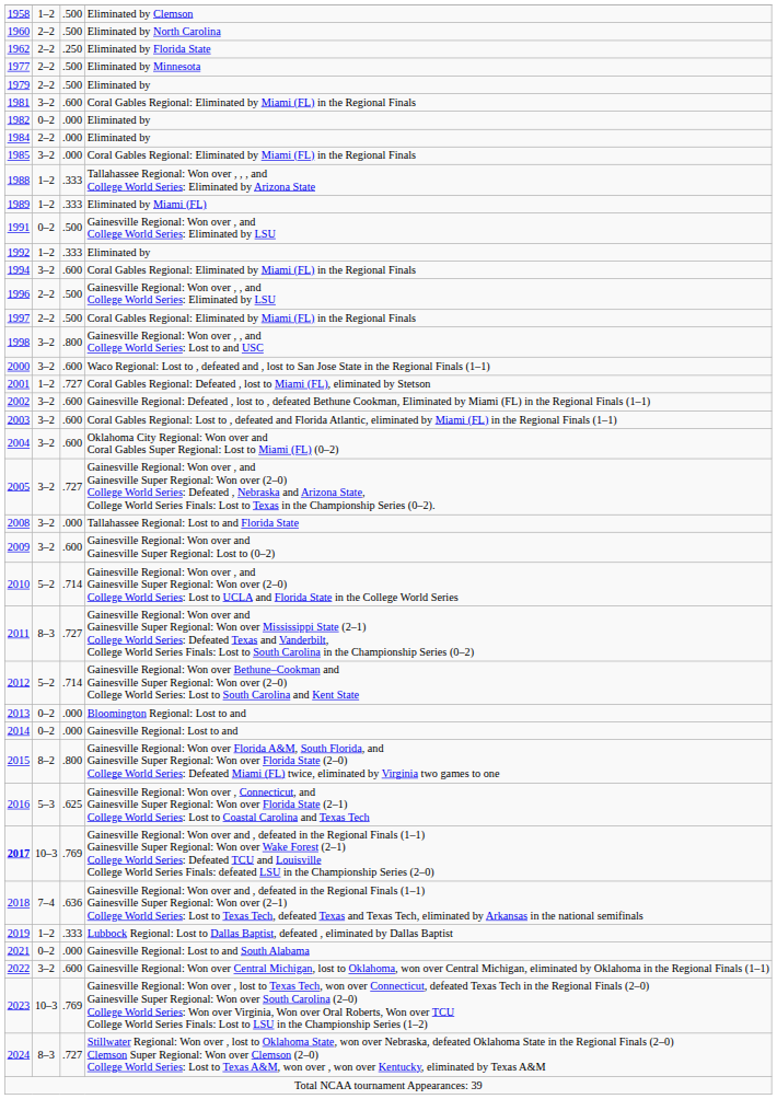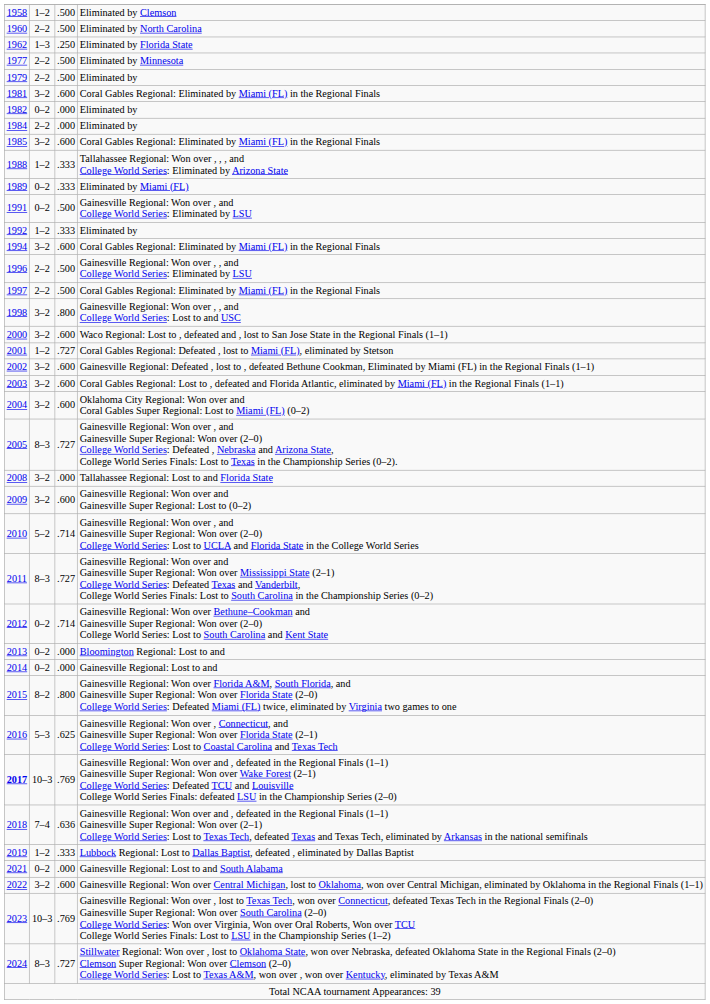 <table class="wikitable" style="text-align:center">
 <tr>
 </tr>
 <tr>
 <td><a href='#'>1958</a></td>
 <td>1–2</td>
 <td>.500</td>
 <td style="text-align:left;">Eliminated by <a href='#'>Clemson</a></td>
 </tr>
 <tr>
 <td><a href='#'>1960</a></td>
 <td>2–2</td>
 <td>.500</td>
 <td style="text-align:left;">Eliminated by <a href='#'>North Carolina</a></td>
 </tr>
 <tr>
 <td><a href='#'>1962</a></td>
-<td>2–2</td>
+<td>1–3</td>
 <td>.250</td>
 <td style="text-align:left;">Eliminated by <a href='#'>Florida State</a></td>
 </tr>
 <tr>
 <td><a href='#'>1977</a></td>
 <td>2–2</td>
 <td>.500</td>
 <td style="text-align:left;">Eliminated by <a href='#'>Minnesota</a></td>
 </tr>
 <tr>
 <td><a href='#'>1979</a></td>
 <td>2–2</td>
 <td>.500</td>
 <td style="text-align:left;">Eliminated by </td>
 </tr>
 <tr>
 <td><a href='#'>1981</a></td>
 <td>3–2</td>
 <td>.600</td>
 <td style="text-align:left;">Coral Gables Regional: Eliminated by <a href='#'>Miami (FL)</a> in the Regional Finals</td>
 </tr>
 <tr>
 <td><a href='#'>1982</a></td>
 <td>0–2</td>
 <td>.000</td>
 <td style="text-align:left;">Eliminated by </td>
 </tr>
 <tr>
 <td><a href='#'>1984</a></td>
 <td>2–2</td>
 <td>.000</td>
 <td style="text-align:left;">Eliminated by </td>
 </tr>
 <tr>
 <td><a href='#'>1985</a></td>
 <td>3–2</td>
-<td>.000</td>
+<td>.600</td>
 <td style="text-align:left;">Coral Gables Regional: Eliminated by <a href='#'>Miami (FL)</a> in the Regional Finals</td>
 </tr>
 <tr>
 <td><a href='#'>1988</a></td>
 <td>1–2</td>
 <td>.333</td>
 <td style="text-align:left;">Tallahassee Regional: Won over , , , and <br><a href='#'>College World Series</a>: Eliminated by <a href='#'>Arizona State</a></td>
 </tr>
 <tr>
 <td><a href='#'>1989</a></td>
-<td>1–2</td>
+<td>0–2</td>
 <td>.333</td>
 <td style="text-align:left;">Eliminated by <a href='#'>Miami (FL)</a></td>
 </tr>
 <tr>
 <td><a href='#'>1991</a></td>
 <td>0–2</td>
 <td>.500</td>
 <td style="text-align:left;">Gainesville Regional: Won over ,  and <br><a href='#'>College World Series</a>: Eliminated by <a href='#'>LSU</a></td>
 </tr>
 <tr>
 <td><a href='#'>1992</a></td>
 <td>1–2</td>
 <td>.333</td>
 <td style="text-align:left;">Eliminated by </td>
 </tr>
 <tr>
 <td><a href='#'>1994</a></td>
 <td>3–2</td>
 <td>.600</td>
 <td style="text-align:left;">Coral Gables Regional: Eliminated by <a href='#'>Miami (FL)</a> in the Regional Finals</td>
 </tr>
 <tr>
 <td><a href='#'>1996</a></td>
 <td>2–2</td>
 <td>.500</td>
 <td style="text-align:left;">Gainesville Regional: Won over , ,  and <br><a href='#'>College World Series</a>: Eliminated by <a href='#'>LSU</a></td>
 </tr>
 <tr>
 <td><a href='#'>1997</a></td>
 <td>2–2</td>
 <td>.500</td>
 <td style="text-align:left;">Coral Gables Regional: Eliminated by <a href='#'>Miami (FL)</a>  in the Regional Finals</td>
 </tr>
 <tr>
 <td><a href='#'>1998</a></td>
 <td>3–2</td>
 <td>.800</td>
 <td style="text-align:left;">Gainesville Regional: Won over , ,  and <br><a href='#'>College World Series</a>: Lost to  and <a href='#'>USC</a></td>
 </tr>
 <tr>
 <td><a href='#'>2000</a></td>
 <td>3–2</td>
 <td>.600</td>
 <td style="text-align:left;">Waco Regional: Lost to , defeated  and , lost to San Jose State in the Regional Finals (1–1)</td>
 </tr>
 <tr>
 <td><a href='#'>2001</a></td>
 <td>1–2</td>
 <td>.727</td>
 <td style="text-align:left;">Coral Gables Regional: Defeated , lost to <a href='#'>Miami (FL)</a>, eliminated by Stetson</td>
 </tr>
 <tr>
 <td><a href='#'>2002</a></td>
 <td>3–2</td>
 <td>.600</td>
 <td style="text-align:left;">Gainesville Regional: Defeated , lost to , defeated Bethune Cookman, Eliminated by Miami (FL) in the Regional Finals (1–1)</td>
 </tr>
 <tr>
 <td><a href='#'>2003</a></td>
 <td>3–2</td>
 <td>.600</td>
 <td style="text-align:left;">Coral Gables Regional: Lost to , defeated  and Florida Atlantic, eliminated by <a href='#'>Miami (FL)</a> in the Regional Finals (1–1)</td>
 </tr>
 <tr>
 <td><a href='#'>2004</a></td>
 <td>3–2</td>
 <td>.600</td>
 <td style="text-align:left;">Oklahoma City Regional: Won over  and <br>Coral Gables Super Regional: Lost to <a href='#'>Miami (FL)</a> (0–2)</td>
 </tr>
 <tr>
 <td><a href='#'>2005</a></td>
-<td>3–2</td>
+<td>8–3</td>
 <td>.727</td>
 <td style="text-align:left;">Gainesville Regional: Won over ,  and <br>Gainesville Super Regional: Won over  (2–0)<br><a href='#'>College World Series</a>: Defeated , <a href='#'>Nebraska</a> and <a href='#'>Arizona State</a>,<br>College World Series Finals: Lost to <a href='#'>Texas</a> in the Championship Series (0–2).</td>
 </tr>
 <tr>
 <td><a href='#'>2008</a></td>
 <td>3–2</td>
 <td>.000</td>
 <td style="text-align:left;">Tallahassee Regional: Lost to  and <a href='#'>Florida State</a></td>
 </tr>
 <tr>
 <td><a href='#'>2009</a></td>
 <td>3–2</td>
 <td>.600</td>
 <td style="text-align:left;">Gainesville Regional: Won over  and <br>Gainesville Super Regional: Lost to  (0–2)</td>
 </tr>
 <tr>
 <td><a href='#'>2010</a></td>
 <td>5–2</td>
 <td>.714</td>
 <td style="text-align:left;">Gainesville Regional: Won over ,  and <br>Gainesville Super Regional: Won over  (2–0)<br><a href='#'>College World Series</a>: Lost to <a href='#'>UCLA</a> and <a href='#'>Florida State</a> in the College World Series</td>
 </tr>
 <tr>
 <td><a href='#'>2011</a></td>
 <td>8–3</td>
 <td>.727</td>
 <td style="text-align:left;">Gainesville Regional: Won over  and <br>Gainesville Super Regional: Won over <a href='#'>Mississippi State</a> (2–1)<br><a href='#'>College World Series</a>: Defeated <a href='#'>Texas</a> and <a href='#'>Vanderbilt</a>,<br>College World Series Finals: Lost to <a href='#'>South Carolina</a> in the Championship Series (0–2)</td>
 </tr>
 <tr>
 <td><a href='#'>2012</a></td>
-<td>5–2</td>
+<td>0–2</td>
 <td>.714</td>
 <td style="text-align:left;">Gainesville Regional: Won over <a href='#'>Bethune–Cookman</a> and <br>Gainesville Super Regional: Won over  (2–0)<br>College World Series: Lost to <a href='#'>South Carolina</a> and <a href='#'>Kent State</a></td>
 </tr>
 <tr>
 <td><a href='#'>2013</a></td>
 <td>0–2</td>
 <td>.000</td>
 <td style="text-align:left;"><a href='#'>Bloomington</a> Regional: Lost to  and </td>
 </tr>
 <tr>
 <td><a href='#'>2014</a></td>
 <td>0–2</td>
 <td>.000</td>
 <td style="text-align:left;">Gainesville Regional: Lost to  and </td>
 </tr>
 <tr>
 <td><a href='#'>2015</a></td>
 <td>8–2</td>
 <td>.800</td>
 <td style="text-align:left;">Gainesville Regional: Won over <a href='#'>Florida A&M</a>, <a href='#'>South Florida</a>, and <br>Gainesville Super Regional: Won over <a href='#'>Florida State</a> (2–0)<br><a href='#'>College World Series</a>: Defeated <a href='#'>Miami (FL)</a> twice, eliminated by <a href='#'>Virginia</a> two games to one</td>
 </tr>
 <tr>
 <td><a href='#'>2016</a></td>
 <td>5–3</td>
 <td>.625</td>
 <td style="text-align:left;">Gainesville Regional: Won over , <a href='#'>Connecticut</a>, and <br>Gainesville Super Regional: Won over <a href='#'>Florida State</a> (2–1) <br> <a href='#'>College World Series</a>: Lost to <a href='#'>Coastal Carolina</a> and <a href='#'>Texas Tech</a></td>
 </tr>
 <tr>
 <td><strong><a href='#'>2017</a></strong></td>
 <td>10–3</td>
 <td>.769</td>
 <td style="text-align:left;">Gainesville Regional: Won over  and , defeated  in the Regional Finals (1–1)<br>Gainesville Super Regional: Won over <a href='#'>Wake Forest</a> (2–1)<br><a href='#'>College World Series</a>: Defeated <a href='#'>TCU</a> and <a href='#'>Louisville</a><br>College World Series Finals: defeated <a href='#'>LSU</a> in the Championship Series (2–0)</td>
 </tr>
 <tr>
 <td><a href='#'>2018</a></td>
 <td>7–4</td>
 <td>.636</td>
 <td style="text-align:left;">Gainesville Regional: Won over  and , defeated  in the Regional Finals (1–1)<br>Gainesville Super Regional: Won over  (2–1)<br><a href='#'>College World Series</a>: Lost to <a href='#'>Texas Tech</a>, defeated <a href='#'>Texas</a> and Texas Tech, eliminated by <a href='#'>Arkansas</a> in the national semifinals</td>
 </tr>
 <tr>
 <td><a href='#'>2019</a></td>
 <td>1–2</td>
 <td>.333</td>
 <td style="text-align:left;"><a href='#'>Lubbock</a> Regional: Lost to <a href='#'>Dallas Baptist</a>, defeated , eliminated by Dallas Baptist</td>
 </tr>
 <tr>
 <td><a href='#'>2021</a></td>
 <td>0–2</td>
 <td>.000</td>
 <td style="text-align:left;">Gainesville Regional: Lost to  and <a href='#'>South Alabama</a></td>
 </tr>
 <tr>
 <td><a href='#'>2022</a></td>
 <td>3–2</td>
 <td>.600</td>
 <td style="text-align:left;">Gainesville Regional: Won over <a href='#'>Central Michigan</a>, lost to <a href='#'>Oklahoma</a>, won over Central Michigan, eliminated by Oklahoma in the Regional Finals (1–1)</td>
 </tr>
 <tr>
 <td><a href='#'>2023</a></td>
 <td>10–3</td>
 <td>.769</td>
 <td style="text-align:left;">Gainesville Regional: Won over , lost to <a href='#'>Texas Tech</a>, won over <a href='#'>Connecticut</a>, defeated Texas Tech in the Regional Finals (2–0)<br>Gainesville Super Regional: Won over <a href='#'>South Carolina</a> (2–0)<br><a href='#'>College World Series</a>: Won over Virginia, Won over Oral Roberts, Won over <a href='#'>TCU</a><br>College World Series Finals: Lost to <a href='#'>LSU</a> in the Championship Series (1–2)</td>
 </tr>
 <tr>
 <td><a href='#'>2024</a></td>
 <td>8–3</td>
 <td>.727</td>
 <td style="text-align:left;"><a href='#'>Stillwater</a> Regional: Won over , lost to <a href='#'>Oklahoma State</a>, won over Nebraska, defeated Oklahoma State in the Regional Finals (2–0)<br><a href='#'>Clemson</a> Super Regional: Won over <a href='#'>Clemson</a> (2–0)<br><a href='#'>College World Series</a>: Lost to <a href='#'>Texas A&M</a>, won over , won over <a href='#'>Kentucky</a>, eliminated by Texas A&M</td>
 </tr>
 <tr>
 <td colspan=4>Total NCAA tournament Appearances: 39</td>
 </tr>
 </table>
